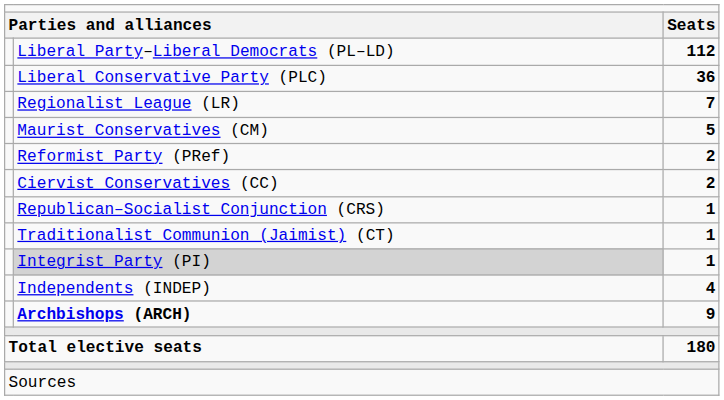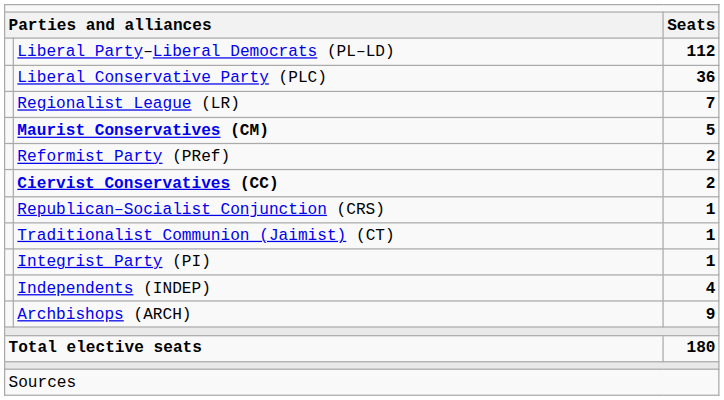 <table class="wikitable" style="text-align:right;">
 <tr>
 <td colspan="3"></td>
 </tr>
 <tr>
 <th style="text-align:left;" colspan="2" width="525">Parties and alliances</th>
 <th width="35">Seats</th>
 </tr>
 <tr>
 <td width="1" style="color:inherit;background:"></td>
 <td align="left"><a href='#'>Liberal Party</a>–<a href='#'>Liberal Democrats</a> (PL–LD)</td>
 <td><strong>112</strong></td>
 </tr>
 <tr>
 <td style="color:inherit;background:"></td>
 <td align="left"><a href='#'>Liberal Conservative Party</a> (PLC)</td>
 <td><strong>36</strong></td>
 </tr>
 <tr>
 <td style="color:inherit;background:"></td>
 <td align="left"><a href='#'>Regionalist League</a> (LR)</td>
 <td><strong>7</strong></td>
 </tr>
 <tr>
 <td style="color:inherit;background:"></td>
-<td align="left"><a href='#'>Maurist Conservatives</a> (CM)</td>
+<td align="left"><strong><a href='#'>Maurist Conservatives</a> (CM)</strong></td>
 <td><strong>5</strong></td>
 </tr>
 <tr>
 <td style="color:inherit;background:"></td>
 <td align="left"><a href='#'>Reformist Party</a> (PRef)</td>
 <td><strong>2</strong></td>
 </tr>
 <tr>
 <td style="color:inherit;background:"></td>
-<td align="left"><a href='#'>Ciervist Conservatives</a> (CC)</td>
+<td align="left"><strong><a href='#'>Ciervist Conservatives</a> (CC)</strong></td>
 <td><strong>2</strong></td>
 </tr>
 <tr>
 <td style="color:inherit;background:"></td>
 <td align="left"><a href='#'>Republican–Socialist Conjunction</a> (CRS)</td>
 <td><strong>1</strong></td>
 </tr>
 <tr>
 <td style="color:inherit;background:"></td>
 <td align="left"><a href='#'>Traditionalist Communion (Jaimist)</a> (CT)</td>
 <td><strong>1</strong></td>
 </tr>
 <tr>
 <td style="color:inherit;background:"></td>
-<td align="left" style="background: lightgrey;"><a href='#'>Integrist Party</a> (PI)</td>
+<td align="left"><a href='#'>Integrist Party</a> (PI)</td>
 <td><strong>1</strong></td>
 </tr>
 <tr>
 <td style="color:inherit;background:"></td>
 <td align="left"><a href='#'>Independents</a> (INDEP)</td>
 <td><strong>4</strong></td>
 </tr>
 <tr>
 <td style="color:inherit;background:"></td>
-<td align="left"><strong><a href='#'>Archbishops</a> (ARCH)</strong></td>
+<td align="left"><a href='#'>Archbishops</a> (ARCH)</td>
 <td><strong>9</strong></td>
 </tr>
 <tr>
 <td colspan="3" bgcolor="#E9E9E9"></td>
 </tr>
 <tr style="font-weight:bold;">
 <td align="left" colspan="2">Total elective seats</td>
 <td>180</td>
 </tr>
 <tr>
 <td colspan="3" bgcolor="#E9E9E9"></td>
 </tr>
 <tr>
 <td align="left" colspan="3">Sources</td>
 </tr>
 </table>
